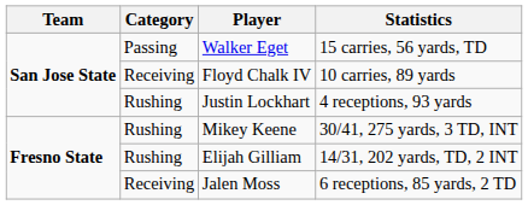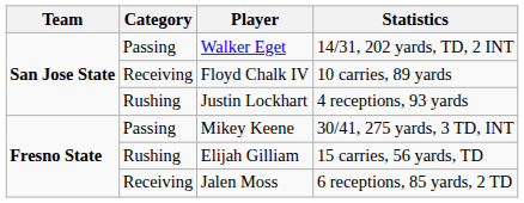 <table class="wikitable" style="float: right;">
 <tr>
 <th>Team</th>
 <th>Category</th>
 <th>Player</th>
 <th>Statistics</th>
 </tr>
 <tr>
 <td rowspan=3><strong>San Jose State</strong></td>
 <td>Passing</td>
 <td><a href='#'>Walker Eget</a></td>
-<td>15 carries, 56 yards, TD</td>
+<td>14/31, 202 yards, TD, 2 INT</td>
 </tr>
 <tr>
 <td>Receiving</td>
 <td>Floyd Chalk IV</td>
 <td>10 carries, 89 yards</td>
 </tr>
 <tr>
 <td>Rushing</td>
 <td>Justin Lockhart</td>
 <td>4 receptions, 93 yards</td>
 </tr>
 <tr>
 <td rowspan=3><strong>Fresno State</strong></td>
-<td>Rushing</td>
+<td>Passing</td>
 <td>Mikey Keene</td>
 <td>30/41, 275 yards, 3 TD, INT</td>
 </tr>
 <tr>
 <td>Rushing</td>
 <td>Elijah Gilliam</td>
-<td>14/31, 202 yards, TD, 2 INT</td>
+<td>15 carries, 56 yards, TD</td>
 </tr>
 <tr>
 <td>Receiving</td>
 <td>Jalen Moss</td>
 <td>6 receptions, 85 yards, 2 TD</td>
 </tr>
 </table>
